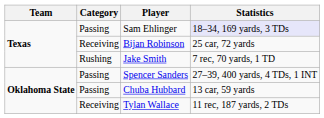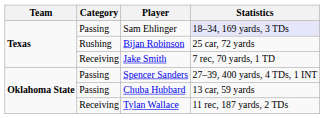 <table class="wikitable" style="float: right;">
 <tr>
 <th>Team</th>
 <th>Category</th>
 <th>Player</th>
 <th>Statistics</th>
 </tr>
 <tr>
 <td rowspan=3><strong>Texas</strong></td>
 <td>Passing</td>
 <td>Sam Ehlinger</td>
 <td style="background: lavender;">18–34, 169 yards, 3 TDs</td>
 </tr>
 <tr>
-<td>Receiving</td>
+<td>Rushing</td>
 <td><a href='#'>Bijan Robinson</a></td>
 <td>25 car, 72 yards</td>
 </tr>
 <tr>
-<td>Rushing</td>
+<td>Receiving</td>
 <td><a href='#'>Jake Smith</a></td>
 <td>7 rec, 70 yards, 1 TD</td>
 </tr>
 <tr>
 <td rowspan=3><strong>Oklahoma State</strong></td>
 <td>Passing</td>
 <td><a href='#'>Spencer Sanders</a></td>
 <td>27–39, 400 yards, 4 TDs, 1 INT</td>
 </tr>
 <tr>
 <td>Passing</td>
 <td><a href='#'>Chuba Hubbard</a></td>
 <td>13 car, 59 yards</td>
 </tr>
 <tr>
 <td>Receiving</td>
 <td><a href='#'>Tylan Wallace</a></td>
 <td>11 rec, 187 yards, 2 TDs</td>
 </tr>
 </table>
